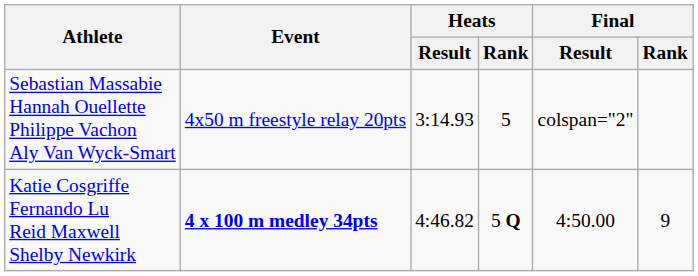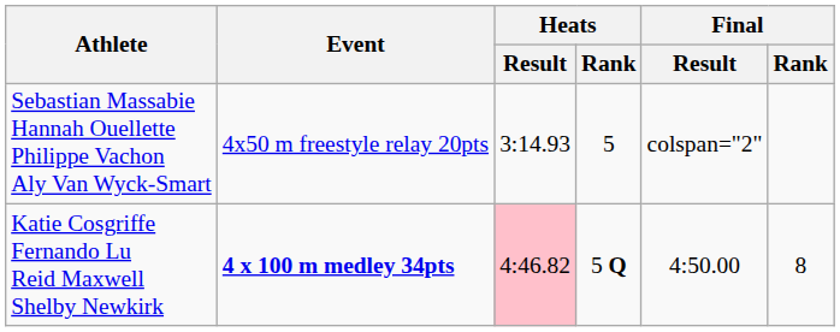 <table class=wikitable style="font-size:90%">
 <tr>
 <th rowspan="2">Athlete</th>
 <th rowspan="2">Event</th>
 <th colspan="2">Heats</th>
 <th colspan="2">Final</th>
 </tr>
 <tr>
 <th>Result</th>
 <th>Rank</th>
 <th>Result</th>
 <th>Rank</th>
 </tr>
 <tr align=center>
 <td align=left><a href='#'>Sebastian Massabie</a><br><a href='#'>Hannah Ouellette</a><br><a href='#'>Philippe Vachon</a><br><a href='#'>Aly Van Wyck-Smart</a></td>
 <td align=left><a href='#'>4x50 m freestyle relay 20pts</a></td>
 <td>3:14.93</td>
 <td>5</td>
 <td>colspan="2" </td>
 </tr>
 <tr align=center>
 <td align=left><a href='#'>Katie Cosgriffe</a><br><a href='#'>Fernando Lu</a><br><a href='#'>Reid Maxwell</a><br><a href='#'>Shelby Newkirk</a></td>
 <td align=left><strong><a href='#'>4 x 100 m medley 34pts</a></strong></td>
-<td>4:46.82</td>
+<td style="background: pink;">4:46.82</td>
 <td>5 <strong>Q</strong></td>
 <td>4:50.00</td>
-<td>9</td>
+<td>8</td>
 </tr>
 </table>
